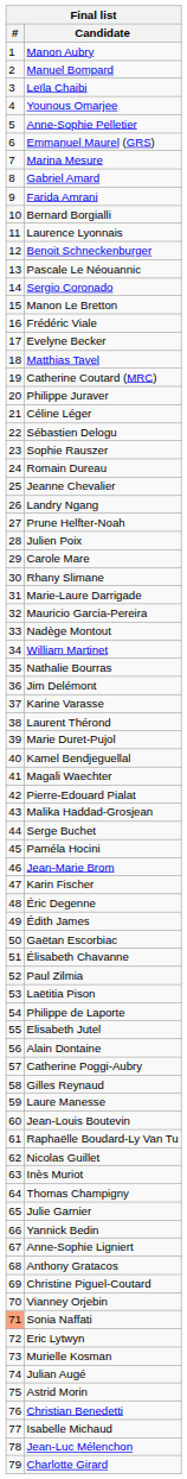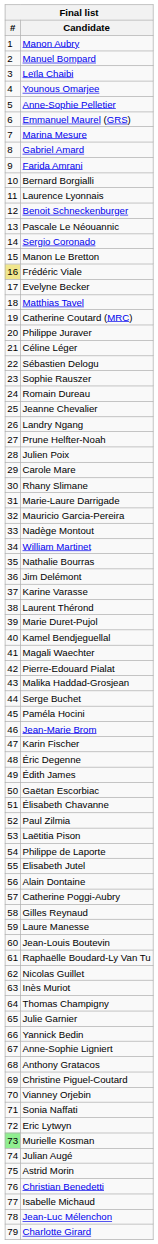 <table class="wikitable mw-collapsible mw-collapsed" style="font-size:90%; float:right; padding:5px">
 <tr>
 <th colspan="2">Final list</th>
 </tr>
 <tr>
 <th>#</th>
 <th>Candidate</th>
 </tr>
 <tr>
 <td>1</td>
 <td><a href='#'>Manon Aubry</a></td>
 </tr>
 <tr>
 <td>2</td>
 <td><a href='#'>Manuel Bompard</a></td>
 </tr>
 <tr>
 <td>3</td>
 <td><a href='#'>Leïla Chaibi</a></td>
 </tr>
 <tr>
 <td>4</td>
 <td><a href='#'>Younous Omarjee</a></td>
 </tr>
 <tr>
 <td>5</td>
 <td><a href='#'>Anne-Sophie Pelletier</a></td>
 </tr>
 <tr>
 <td>6</td>
 <td><a href='#'>Emmanuel Maurel</a> (<a href='#'>GRS</a>)</td>
 </tr>
 <tr>
 <td>7</td>
 <td><a href='#'>Marina Mesure</a></td>
 </tr>
 <tr>
 <td>8</td>
 <td><a href='#'>Gabriel Amard</a></td>
 </tr>
 <tr>
 <td>9</td>
 <td><a href='#'>Farida Amrani</a></td>
 </tr>
 <tr>
 <td>10</td>
 <td>Bernard Borgialli</td>
 </tr>
 <tr>
 <td>11</td>
 <td>Laurence Lyonnais</td>
 </tr>
 <tr>
 <td>12</td>
 <td><a href='#'>Benoit Schneckenburger</a></td>
 </tr>
 <tr>
 <td>13</td>
 <td>Pascale Le Néouannic</td>
 </tr>
 <tr>
 <td>14</td>
 <td><a href='#'>Sergio Coronado</a></td>
 </tr>
 <tr>
 <td>15</td>
 <td>Manon Le Bretton</td>
 </tr>
 <tr>
-<td>16</td>
+<td style="background: khaki;">16</td>
 <td>Frédéric Viale</td>
 </tr>
 <tr>
 <td>17</td>
 <td>Evelyne Becker</td>
 </tr>
 <tr>
 <td>18</td>
 <td><a href='#'>Matthias Tavel</a></td>
 </tr>
 <tr>
 <td>19</td>
 <td>Catherine Coutard (<a href='#'>MRC</a>)</td>
 </tr>
 <tr>
 <td>20</td>
 <td>Philippe Juraver</td>
 </tr>
 <tr>
 <td>21</td>
 <td>Céline Léger</td>
 </tr>
 <tr>
 <td>22</td>
 <td>Sébastien Delogu</td>
 </tr>
 <tr>
 <td>23</td>
 <td>Sophie Rauszer</td>
 </tr>
 <tr>
 <td>24</td>
 <td>Romain Dureau</td>
 </tr>
 <tr>
 <td>25</td>
 <td>Jeanne Chevalier</td>
 </tr>
 <tr>
 <td>26</td>
 <td>Landry Ngang</td>
 </tr>
 <tr>
 <td>27</td>
 <td>Prune Helfter-Noah</td>
 </tr>
 <tr>
 <td>28</td>
 <td>Julien Poix</td>
 </tr>
 <tr>
 <td>29</td>
 <td>Carole Mare</td>
 </tr>
 <tr>
 <td>30</td>
 <td>Rhany Slimane</td>
 </tr>
 <tr>
 <td>31</td>
 <td>Marie-Laure Darrigade</td>
 </tr>
 <tr>
 <td>32</td>
 <td>Mauricio Garcia-Pereira</td>
 </tr>
 <tr>
 <td>33</td>
 <td>Nadège Montout</td>
 </tr>
 <tr>
 <td>34</td>
 <td><a href='#'>William Martinet</a></td>
 </tr>
 <tr>
 <td>35</td>
 <td>Nathalie Bourras</td>
 </tr>
 <tr>
 <td>36</td>
 <td>Jim Delémont</td>
 </tr>
 <tr>
 <td>37</td>
 <td>Karine Varasse</td>
 </tr>
 <tr>
 <td>38</td>
 <td>Laurent Thérond</td>
 </tr>
 <tr>
 <td>39</td>
 <td>Marie Duret-Pujol</td>
 </tr>
 <tr>
 <td>40</td>
 <td>Kamel Bendjeguellal</td>
 </tr>
 <tr>
 <td>41</td>
 <td>Magali Waechter</td>
 </tr>
 <tr>
 <td>42</td>
 <td>Pierre-Edouard Pialat</td>
 </tr>
 <tr>
 <td>43</td>
 <td>Malika Haddad-Grosjean</td>
 </tr>
 <tr>
 <td>44</td>
 <td>Serge Buchet</td>
 </tr>
 <tr>
 <td>45</td>
 <td>Paméla Hocini</td>
 </tr>
 <tr>
 <td>46</td>
 <td><a href='#'>Jean-Marie Brom</a></td>
 </tr>
 <tr>
 <td>47</td>
 <td>Karin Fischer</td>
 </tr>
 <tr>
 <td>48</td>
 <td>Éric Degenne</td>
 </tr>
 <tr>
 <td>49</td>
 <td>Édith James</td>
 </tr>
 <tr>
 <td>50</td>
 <td>Gaëtan Escorbiac</td>
 </tr>
 <tr>
 <td>51</td>
 <td>Élisabeth Chavanne</td>
 </tr>
 <tr>
 <td>52</td>
 <td>Paul Zilmia</td>
 </tr>
 <tr>
 <td>53</td>
 <td>Laëtitia Pison</td>
 </tr>
 <tr>
 <td>54</td>
 <td>Philippe de Laporte</td>
 </tr>
 <tr>
 <td>55</td>
 <td>Elisabeth Jutel</td>
 </tr>
 <tr>
 <td>56</td>
 <td>Alain Dontaine</td>
 </tr>
 <tr>
 <td>57</td>
 <td>Catherine Poggi-Aubry</td>
 </tr>
 <tr>
 <td>58</td>
 <td>Gilles Reynaud</td>
 </tr>
 <tr>
 <td>59</td>
 <td>Laure Manesse</td>
 </tr>
 <tr>
 <td>60</td>
 <td>Jean-Louis Boutevin</td>
 </tr>
 <tr>
 <td>61</td>
 <td>Raphaëlle Boudard-Ly Van Tu</td>
 </tr>
 <tr>
 <td>62</td>
 <td>Nicolas Guillet</td>
 </tr>
 <tr>
 <td>63</td>
 <td>Inès Muriot</td>
 </tr>
 <tr>
 <td>64</td>
 <td>Thomas Champigny</td>
 </tr>
 <tr>
 <td>65</td>
 <td>Julie Garnier</td>
 </tr>
 <tr>
 <td>66</td>
 <td>Yannick Bedin</td>
 </tr>
 <tr>
 <td>67</td>
 <td>Anne-Sophie Ligniert</td>
 </tr>
 <tr>
 <td>68</td>
 <td>Anthony Gratacos</td>
 </tr>
 <tr>
 <td>69</td>
 <td>Christine Piguel-Coutard</td>
 </tr>
 <tr>
 <td>70</td>
 <td>Vianney Orjebin</td>
 </tr>
 <tr>
-<td style="background: lightsalmon;">71</td>
+<td>71</td>
 <td>Sonia Naffati</td>
 </tr>
 <tr>
 <td>72</td>
 <td>Eric Lytwyn</td>
 </tr>
 <tr>
-<td>73</td>
+<td style="background: lightgreen;">73</td>
 <td>Murielle Kosman</td>
 </tr>
 <tr>
 <td>74</td>
 <td>Julian Augé</td>
 </tr>
 <tr>
 <td>75</td>
 <td>Astrid Morin</td>
 </tr>
 <tr>
 <td>76</td>
 <td><a href='#'>Christian Benedetti</a></td>
 </tr>
 <tr>
 <td>77</td>
 <td>Isabelle Michaud</td>
 </tr>
 <tr>
 <td>78</td>
 <td><a href='#'>Jean-Luc Mélenchon</a></td>
 </tr>
 <tr>
 <td>79</td>
 <td><a href='#'>Charlotte Girard</a></td>
 </tr>
 </table>
